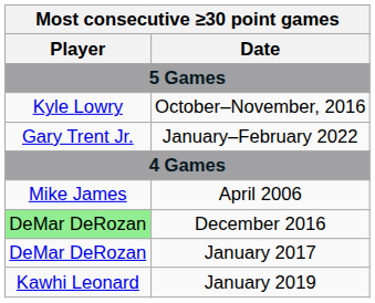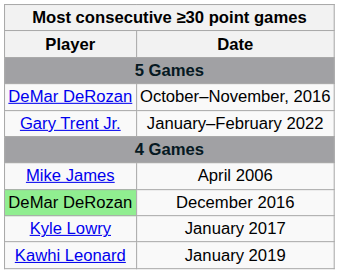 <table class="wikitable sortable" style="text-align:center">
 <tr>
 <th colspan="3">Most consecutive ≥30 point games</th>
 </tr>
 <tr>
 <th>Player</th>
 <th>Date</th>
 </tr>
 <tr>
 <th colspan="2" style="text-align:center; background:#A1A1A4; color:#061922;">5 Games</th>
 </tr>
 <tr>
-<td><a href='#'>Kyle Lowry</a></td>
+<td><a href='#'>DeMar DeRozan</a></td>
 <td>October–November, 2016</td>
 </tr>
 <tr>
 <td><a href='#'>Gary Trent Jr.</a></td>
 <td>January–February 2022</td>
 </tr>
 <tr>
 <th colspan="2" style="text-align:center; background:#A1A1A4; color:#061922;">4 Games</th>
 </tr>
 <tr>
 <td><a href='#'>Mike James</a></td>
 <td>April 2006</td>
 </tr>
 <tr>
 <td style="background: lightgreen;">DeMar DeRozan</td>
 <td>December 2016</td>
 </tr>
 <tr>
-<td><a href='#'>DeMar DeRozan</a></td>
+<td><a href='#'>Kyle Lowry</a></td>
 <td>January 2017</td>
 </tr>
 <tr>
 <td><a href='#'>Kawhi Leonard</a></td>
 <td>January 2019</td>
 </tr>
 </table>
